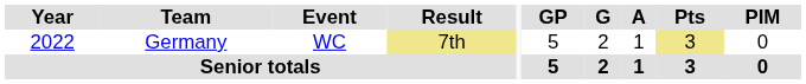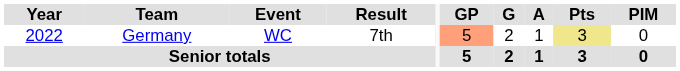 <table border="0" cellpadding="1" cellspacing="0" ID="Table3" style="text-align:center; width:40em;">
 <tr style="background:#e0e0e0;">
 <th>Year</th>
 <th>Team</th>
 <th>Event</th>
 <th>Result</th>
 <th rowspan="99" style="background:#f9f9f9;"></th>
 <th>GP</th>
 <th>G</th>
 <th>A</th>
 <th>Pts</th>
 <th>PIM</th>
 </tr>
 <tr>
 <td><a href='#'>2022</a></td>
 <td><a href='#'>Germany</a></td>
 <td><a href='#'>WC</a></td>
-<td style="background: khaki;">7th</td>
-<td>5</td>
+<td>7th</td>
+<td style="background: lightsalmon;">5</td>
 <td>2</td>
 <td>1</td>
 <td style="background: khaki;">3</td>
 <td>0</td>
 </tr>
 <tr style="background:#e0e0e0; font-weight:bold;">
 <td colspan="4">Senior totals</td>
 <td>5</td>
 <td>2</td>
 <td>1</td>
 <td>3</td>
 <td>0</td>
 </tr>
 </table>
